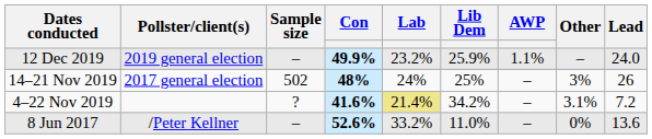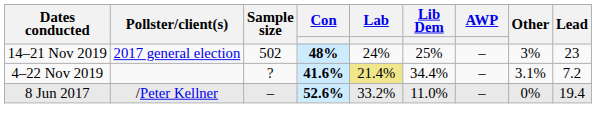 <table class="wikitable sortable mw-datatable" style="text-align:center;line-height:14px;">
 <tr>
 <th rowspan="2">Dates<br>conducted</th>
 <th rowspan="2">Pollster/client(s)</th>
 <th rowspan="2" data-sort-type="number">Sample<br>size</th>
 <th class="unsortable" style="width:50px;"><a href='#'>Con</a></th>
 <th class="unsortable" style="width:50px;"><a href='#'>Lab</a></th>
 <th class="unsortable" style="width:50px;"><a href='#'>Lib Dem</a></th>
 <th class="unsortable" style="width:50px;"><a href='#'>AWP</a></th>
 <th rowspan="2" class="unsortable">Other</th>
 <th rowspan="2" data-sort-type="number">Lead</th>
 </tr>
 <tr>
 <th data-sort-type="number" style="background:"></th>
 <th data-sort-type="number" style="background:"></th>
 <th data-sort-type="number" style="background:"></th>
 <th data-sort-type="number" style="background:"></th>
 </tr>
-<tr style="background:#E9E9E9;">
-<td data-sort-value="2017-06-08">12 Dec 2019</td>
-<td><a href='#'>2019 general election</a></td>
-<td>–</td>
-<td style="background:#CCEBFF;"><strong>49.9%</strong></td>
-<td>23.2%</td>
-<td>25.9%</td>
-<td>1.1%</td>
-<td>–</td>
-<td style="background:">24.0</td>
-</tr>
 <tr>
 <td data-sort-value="2019-10-21">14–21 Nov 2019</td>
 <td><a href='#'>2017 general election</a></td>
 <td>502</td>
 <td style="background:#CCEBFF;"><strong>48%</strong></td>
 <td>24%</td>
 <td>25%</td>
 <td>–</td>
 <td>3%</td>
-<td style="background:">26</td>
+<td style="background:">23</td>
 </tr>
 <tr>
 <td data-sort-value="2019-10-21">4–22 Nov 2019</td>
 <td></td>
 <td>?</td>
 <td style="background:#CCEBFF;"><strong>41.6%</strong></td>
 <td style="background: khaki;">21.4%</td>
-<td>34.2%</td>
+<td>34.4%</td>
 <td>–</td>
 <td>3.1%</td>
 <td style="background:">7.2</td>
 </tr>
 <tr style="background:#E9E9E9;">
 <td data-sort-value="2017-06-08">8 Jun 2017</td>
 <td>/<a href='#'>Peter Kellner</a></td>
 <td>–</td>
 <td style="background:#CCEBFF;"><strong>52.6%</strong></td>
 <td>33.2%</td>
 <td>11.0%</td>
 <td>–</td>
 <td>0%</td>
-<td style="background:">13.6</td>
+<td style="background:">19.4</td>
 </tr>
 </table>
